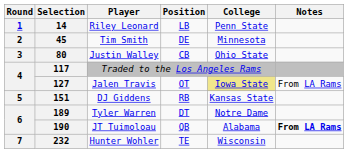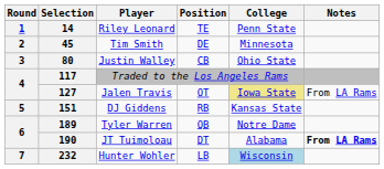 <table class="wikitable" style="text-align:center">
 <tr>
 <th>Round</th>
 <th>Selection</th>
 <th>Player</th>
 <th>Position</th>
 <th>College</th>
 <th>Notes</th>
 </tr>
 <tr>
 <th><a href='#'>1</a></th>
 <th>14</th>
 <td><a href='#'>Riley Leonard</a></td>
-<td><a href='#'>LB</a></td>
+<td><a href='#'>TE</a></td>
 <td><a href='#'>Penn State</a></td>
 <td></td>
 </tr>
 <tr>
 <th>2</th>
 <th>45</th>
 <td><a href='#'>Tim Smith</a></td>
 <td><a href='#'>DE</a></td>
 <td><a href='#'>Minnesota</a></td>
 <td></td>
 </tr>
 <tr>
 <th>3</th>
 <th>80</th>
 <td><a href='#'>Justin Walley</a></td>
 <td><a href='#'>CB</a></td>
 <td><a href='#'>Ohio State</a></td>
 <td></td>
 </tr>
 <tr>
 <th rowspan="2">4</th>
 <th>117</th>
 <td colspan="3" style="background:#BFBFBF"><em>Traded to the <a href='#'>Los Angeles Rams</a></em></td>
 <td style="background:#BFBFBF"></td>
 </tr>
 <tr>
 <th>127</th>
 <td><a href='#'>Jalen Travis</a></td>
 <td><a href='#'>OT</a></td>
 <td style="background: khaki;"><a href='#'>Iowa State</a></td>
 <td>From <a href='#'>LA Rams</a></td>
 </tr>
 <tr>
 <th>5</th>
 <th>151</th>
 <td><a href='#'>DJ Giddens</a></td>
 <td><a href='#'>RB</a></td>
 <td><a href='#'>Kansas State</a></td>
 <td></td>
 </tr>
 <tr>
 <th rowspan="2">6</th>
 <th>189</th>
 <td><a href='#'>Tyler Warren</a></td>
-<td><a href='#'>DT</a></td>
+<td><a href='#'>QB</a></td>
 <td><a href='#'>Notre Dame</a></td>
 <td></td>
 </tr>
 <tr>
 <th>190</th>
 <td><a href='#'>JT Tuimoloau</a></td>
-<td><a href='#'>QB</a></td>
+<td><a href='#'>DT</a></td>
 <td><a href='#'>Alabama</a></td>
 <td><strong>From <a href='#'>LA Rams</a></strong></td>
 </tr>
 <tr>
 <th>7</th>
 <th>232</th>
 <td><a href='#'>Hunter Wohler</a></td>
-<td><a href='#'>TE</a></td>
-<td><a href='#'>Wisconsin</a></td>
+<td><a href='#'>LB</a></td>
+<td style="background: lightblue;"><a href='#'>Wisconsin</a></td>
 <td></td>
 </tr>
 </table>
